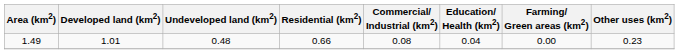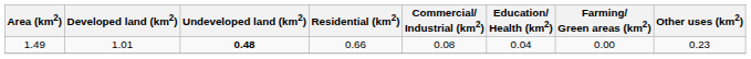 <table class="wikitable" style="text-align: center;">
 <tr>
 <th>Area (km<sup>2</sup>)</th>
 <th>Developed land (km<sup>2</sup>)</th>
 <th>Undeveloped land (km<sup>2</sup>)</th>
 <th>Residential (km<sup>2</sup>)</th>
 <th>Commercial/<br> Industrial (km<sup>2</sup>)</th>
 <th>Education/<br> Health (km<sup>2</sup>)</th>
 <th>Farming/<br> Green areas (km<sup>2</sup>)</th>
 <th>Other uses (km<sup>2</sup>)</th>
 </tr>
 <tr>
 <td>1.49</td>
 <td>1.01</td>
-<td>0.48</td>
+<td><strong>0.48</strong></td>
 <td>0.66</td>
 <td>0.08</td>
 <td>0.04</td>
 <td>0.00</td>
 <td>0.23</td>
 </tr>
 <tr>
 </tr>
 </table>
